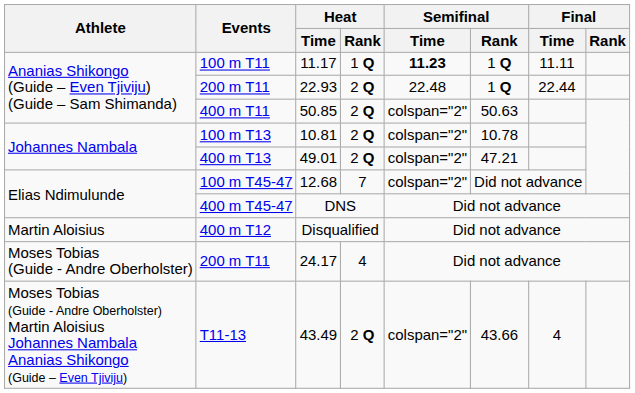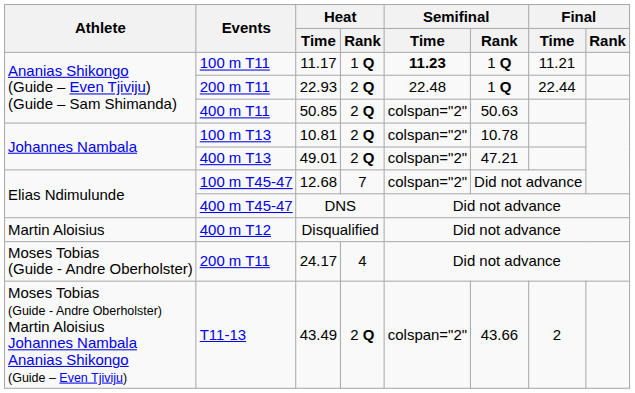 <table class=wikitable style="font-size:90%">
 <tr>
 <th rowspan="2">Athlete</th>
 <th rowspan="2">Events</th>
 <th colspan="2">Heat</th>
 <th colspan="2">Semifinal</th>
 <th colspan="2">Final</th>
 </tr>
 <tr>
 <th>Time</th>
 <th>Rank</th>
 <th>Time</th>
 <th>Rank</th>
 <th>Time</th>
 <th>Rank</th>
 </tr>
 <tr align=center>
 <td rowspan="3" align="left"><a href='#'>Ananias Shikongo</a><br>(Guide – <a href='#'>Even Tjiviju</a>)<br>(Guide – Sam Shimanda)</td>
 <td align=left><a href='#'>100 m T11</a></td>
 <td>11.17</td>
 <td>1 <strong>Q</strong></td>
 <td><strong>11.23</strong></td>
 <td>1 <strong>Q</strong></td>
-<td>11.11</td>
+<td>11.21</td>
 <td></td>
 </tr>
 <tr align=center>
 <td align=left><a href='#'>200 m T11</a></td>
 <td>22.93</td>
 <td>2 <strong>Q</strong></td>
 <td>22.48</td>
 <td>1 <strong>Q</strong></td>
 <td>22.44</td>
 <td></td>
 </tr>
 <tr align=center>
 <td align=left><a href='#'>400 m T11</a></td>
 <td>50.85</td>
 <td>2 <strong>Q</strong></td>
 <td>colspan="2" </td>
 <td>50.63</td>
 <td></td>
 </tr>
 <tr align="center">
 <td rowspan="2" align="left"><a href='#'>Johannes Nambala</a></td>
 <td align="left"><a href='#'>100 m T13</a></td>
 <td>10.81</td>
 <td>2 <strong>Q</strong></td>
 <td>colspan="2" </td>
 <td>10.78</td>
 <td></td>
 </tr>
 <tr align="center">
 <td align="left"><a href='#'>400 m T13</a></td>
 <td>49.01</td>
 <td>2 <strong>Q</strong></td>
 <td>colspan="2" </td>
 <td>47.21</td>
 <td></td>
 </tr>
 <tr align="center">
 <td rowspan="2" align="left">Elias Ndimulunde</td>
 <td align="left"><a href='#'>100 m T45-47</a></td>
 <td>12.68</td>
 <td>7</td>
 <td>colspan="2" </td>
 <td colspan="2">Did not advance</td>
 </tr>
 <tr align="center">
 <td align=left><a href='#'>400 m T45-47</a></td>
 <td colspan="2">DNS</td>
 <td colspan="4">Did not advance</td>
 </tr>
 <tr align=center>
 <td align=left>Martin Aloisius</td>
 <td align=left><a href='#'>400 m T12</a></td>
 <td colspan=2>Disqualified</td>
 <td colspan=4>Did not advance</td>
 </tr>
 <tr align="center">
 <td align=left>Moses Tobias<br>(Guide - Andre Oberholster)</td>
 <td align=left><a href='#'>200 m T11</a></td>
 <td>24.17</td>
 <td>4</td>
 <td colspan="4">Did not advance</td>
 </tr>
 <tr align=center>
 <td align=left>Moses Tobias<br><small>(Guide - Andre Oberholster)</small><br>Martin Aloisius<br><a href='#'>Johannes Nambala</a><br><a href='#'>Ananias Shikongo</a><br><small>(Guide – <a href='#'>Even Tjiviju</a>)</small></td>
 <td align=left><a href='#'> T11-13</a></td>
 <td>43.49</td>
 <td>2 <strong>Q</strong></td>
 <td>colspan="2" </td>
 <td>43.66</td>
-<td>4</td>
+<td>2</td>
 </tr>
 </table>
